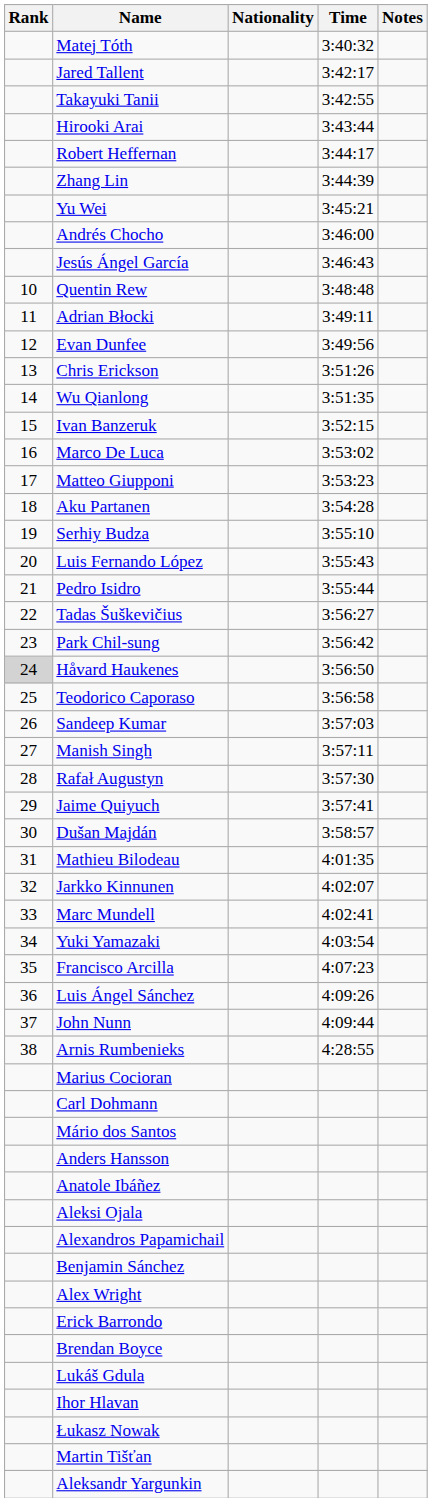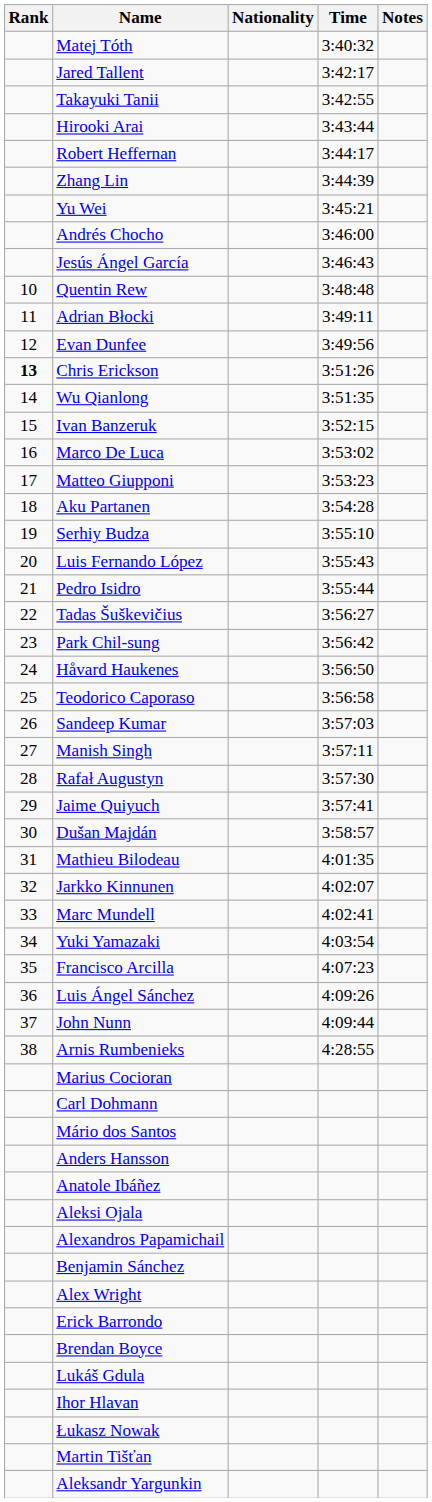 <table class="wikitable sortable" style="text-align:center">
 <tr>
 <th>Rank</th>
 <th>Name</th>
 <th>Nationality</th>
 <th>Time</th>
 <th>Notes</th>
 </tr>
 <tr>
 <td></td>
 <td align=left><a href='#'>Matej Tóth</a></td>
 <td align=left></td>
 <td>3:40:32</td>
 <td></td>
 </tr>
 <tr>
 <td></td>
 <td align=left><a href='#'>Jared Tallent</a></td>
 <td align=left></td>
 <td>3:42:17</td>
 <td></td>
 </tr>
 <tr>
 <td></td>
 <td align=left><a href='#'>Takayuki Tanii</a></td>
 <td align=left></td>
 <td>3:42:55</td>
 <td></td>
 </tr>
 <tr>
 <td></td>
 <td align=left><a href='#'>Hirooki Arai</a></td>
 <td align=left></td>
 <td>3:43:44</td>
 <td></td>
 </tr>
 <tr>
 <td></td>
 <td align=left><a href='#'>Robert Heffernan</a></td>
 <td align=left></td>
 <td>3:44:17</td>
 <td></td>
 </tr>
 <tr>
 <td></td>
 <td align=left><a href='#'>Zhang Lin</a></td>
 <td align=left></td>
 <td>3:44:39</td>
 <td></td>
 </tr>
 <tr>
 <td></td>
 <td align=left><a href='#'>Yu Wei</a></td>
 <td align=left></td>
 <td>3:45:21</td>
 <td></td>
 </tr>
 <tr>
 <td></td>
 <td align=left><a href='#'>Andrés Chocho</a></td>
 <td align=left></td>
 <td>3:46:00</td>
 <td></td>
 </tr>
 <tr>
 <td></td>
 <td align=left><a href='#'>Jesús Ángel García</a></td>
 <td align=left></td>
 <td>3:46:43</td>
 <td></td>
 </tr>
 <tr>
 <td>10</td>
 <td align=left><a href='#'>Quentin Rew</a></td>
 <td align=left></td>
 <td>3:48:48</td>
 <td></td>
 </tr>
 <tr>
 <td>11</td>
 <td align=left><a href='#'>Adrian Błocki</a></td>
 <td align=left></td>
 <td>3:49:11</td>
 <td></td>
 </tr>
 <tr>
 <td>12</td>
 <td align=left><a href='#'>Evan Dunfee</a></td>
 <td align=left></td>
 <td>3:49:56</td>
 <td></td>
 </tr>
 <tr>
-<td>13</td>
+<td><strong>13</strong></td>
 <td align=left><a href='#'>Chris Erickson</a></td>
 <td align=left></td>
 <td>3:51:26</td>
 <td></td>
 </tr>
 <tr>
 <td>14</td>
 <td align=left><a href='#'>Wu Qianlong</a></td>
 <td align=left></td>
 <td>3:51:35</td>
 <td></td>
 </tr>
 <tr>
 <td>15</td>
 <td align=left><a href='#'>Ivan Banzeruk</a></td>
 <td align=left></td>
 <td>3:52:15</td>
 <td></td>
 </tr>
 <tr>
 <td>16</td>
 <td align=left><a href='#'>Marco De Luca</a></td>
 <td align=left></td>
 <td>3:53:02</td>
 <td></td>
 </tr>
 <tr>
 <td>17</td>
 <td align=left><a href='#'>Matteo Giupponi</a></td>
 <td align=left></td>
 <td>3:53:23</td>
 <td></td>
 </tr>
 <tr>
 <td>18</td>
 <td align=left><a href='#'>Aku Partanen</a></td>
 <td align=left></td>
 <td>3:54:28</td>
 <td></td>
 </tr>
 <tr>
 <td>19</td>
 <td align=left><a href='#'>Serhiy Budza</a></td>
 <td align=left></td>
 <td>3:55:10</td>
 <td></td>
 </tr>
 <tr>
 <td>20</td>
 <td align=left><a href='#'>Luis Fernando López</a></td>
 <td align=left></td>
 <td>3:55:43</td>
 <td></td>
 </tr>
 <tr>
 <td>21</td>
 <td align=left><a href='#'>Pedro Isidro</a></td>
 <td align=left></td>
 <td>3:55:44</td>
 <td></td>
 </tr>
 <tr>
 <td>22</td>
 <td align=left><a href='#'>Tadas Šuškevičius</a></td>
 <td align=left></td>
 <td>3:56:27</td>
 <td></td>
 </tr>
 <tr>
 <td>23</td>
 <td align=left><a href='#'>Park Chil-sung</a></td>
 <td align=left></td>
 <td>3:56:42</td>
 <td></td>
 </tr>
 <tr>
-<td style="background: lightgrey;">24</td>
+<td>24</td>
 <td align=left><a href='#'>Håvard Haukenes</a></td>
 <td align=left></td>
 <td>3:56:50</td>
 <td></td>
 </tr>
 <tr>
 <td>25</td>
 <td align=left><a href='#'>Teodorico Caporaso</a></td>
 <td align=left></td>
 <td>3:56:58</td>
 <td></td>
 </tr>
 <tr>
 <td>26</td>
 <td align=left><a href='#'>Sandeep Kumar</a></td>
 <td align=left></td>
 <td>3:57:03</td>
 <td></td>
 </tr>
 <tr>
 <td>27</td>
 <td align=left><a href='#'>Manish Singh</a></td>
 <td align=left></td>
 <td>3:57:11</td>
 <td></td>
 </tr>
 <tr>
 <td>28</td>
 <td align=left><a href='#'>Rafał Augustyn</a></td>
 <td align=left></td>
 <td>3:57:30</td>
 <td></td>
 </tr>
 <tr>
 <td>29</td>
 <td align=left><a href='#'>Jaime Quiyuch</a></td>
 <td align=left></td>
 <td>3:57:41</td>
 <td></td>
 </tr>
 <tr>
 <td>30</td>
 <td align=left><a href='#'>Dušan Majdán</a></td>
 <td align=left></td>
 <td>3:58:57</td>
 <td></td>
 </tr>
 <tr>
 <td>31</td>
 <td align=left><a href='#'>Mathieu Bilodeau</a></td>
 <td align=left></td>
 <td>4:01:35</td>
 <td></td>
 </tr>
 <tr>
 <td>32</td>
 <td align=left><a href='#'>Jarkko Kinnunen</a></td>
 <td align=left></td>
 <td>4:02:07</td>
 <td></td>
 </tr>
 <tr>
 <td>33</td>
 <td align=left><a href='#'>Marc Mundell</a></td>
 <td align=left></td>
 <td>4:02:41</td>
 <td></td>
 </tr>
 <tr>
 <td>34</td>
 <td align=left><a href='#'>Yuki Yamazaki</a></td>
 <td align=left></td>
 <td>4:03:54</td>
 <td></td>
 </tr>
 <tr>
 <td>35</td>
 <td align=left><a href='#'>Francisco Arcilla</a></td>
 <td align=left></td>
 <td>4:07:23</td>
 <td></td>
 </tr>
 <tr>
 <td>36</td>
 <td align=left><a href='#'>Luis Ángel Sánchez</a></td>
 <td align=left></td>
 <td>4:09:26</td>
 <td></td>
 </tr>
 <tr>
 <td>37</td>
 <td align=left><a href='#'>John Nunn</a></td>
 <td align=left></td>
 <td>4:09:44</td>
 <td></td>
 </tr>
 <tr>
 <td>38</td>
 <td align=left><a href='#'>Arnis Rumbenieks</a></td>
 <td align=left></td>
 <td>4:28:55</td>
 <td></td>
 </tr>
 <tr>
 <td></td>
 <td align=left><a href='#'>Marius Cocioran</a></td>
 <td align=left></td>
 <td></td>
 <td></td>
 </tr>
 <tr>
 <td></td>
 <td align=left><a href='#'>Carl Dohmann</a></td>
 <td align=left></td>
 <td></td>
 <td></td>
 </tr>
 <tr>
 <td></td>
 <td align=left><a href='#'>Mário dos Santos</a></td>
 <td align=left></td>
 <td></td>
 <td></td>
 </tr>
 <tr>
 <td></td>
 <td align=left><a href='#'>Anders Hansson</a></td>
 <td align=left></td>
 <td></td>
 <td></td>
 </tr>
 <tr>
 <td></td>
 <td align=left><a href='#'>Anatole Ibáñez</a></td>
 <td align=left></td>
 <td></td>
 <td></td>
 </tr>
 <tr>
 <td></td>
 <td align=left><a href='#'>Aleksi Ojala</a></td>
 <td align=left></td>
 <td></td>
 <td></td>
 </tr>
 <tr>
 <td></td>
 <td align=left><a href='#'>Alexandros Papamichail</a></td>
 <td align=left></td>
 <td></td>
 <td></td>
 </tr>
 <tr>
 <td></td>
 <td align=left><a href='#'>Benjamin Sánchez</a></td>
 <td align=left></td>
 <td></td>
 <td></td>
 </tr>
 <tr>
 <td></td>
 <td align=left><a href='#'>Alex Wright</a></td>
 <td align=left></td>
 <td></td>
 <td></td>
 </tr>
 <tr>
 <td></td>
 <td align=left><a href='#'>Erick Barrondo</a></td>
 <td align=left></td>
 <td></td>
 <td></td>
 </tr>
 <tr>
 <td></td>
 <td align=left><a href='#'>Brendan Boyce</a></td>
 <td align=left></td>
 <td></td>
 <td></td>
 </tr>
 <tr>
 <td></td>
 <td align=left><a href='#'>Lukáš Gdula</a></td>
 <td align=left></td>
 <td></td>
 <td></td>
 </tr>
 <tr>
 <td></td>
 <td align=left><a href='#'>Ihor Hlavan</a></td>
 <td align=left></td>
 <td></td>
 <td></td>
 </tr>
 <tr>
 <td></td>
 <td align=left><a href='#'>Łukasz Nowak</a></td>
 <td align=left></td>
 <td></td>
 <td></td>
 </tr>
 <tr>
 <td></td>
 <td align=left><a href='#'>Martin Tišťan</a></td>
 <td align=left></td>
 <td></td>
 <td></td>
 </tr>
 <tr>
 <td></td>
 <td align=left><a href='#'>Aleksandr Yargunkin</a></td>
 <td align=left></td>
 <td></td>
 <td></td>
 </tr>
 </table>
